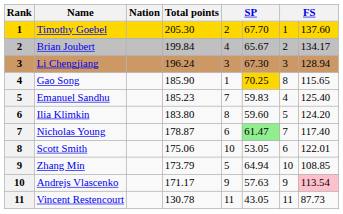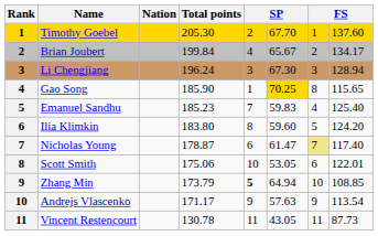 <table class="wikitable">
 <tr>
 <th>Rank</th>
 <th>Name</th>
 <th>Nation</th>
 <th>Total points</th>
 <th colspan="2" width="80px"><a href='#'>SP</a></th>
 <th colspan="2" width="80px"><a href='#'>FS</a></th>
 </tr>
 <tr bgcolor="gold">
 <td align="center"><strong>1</strong></td>
 <td><a href='#'>Timothy Goebel</a></td>
 <td></td>
 <td>205.30</td>
 <td>2</td>
 <td>67.70</td>
 <td>1</td>
 <td>137.60</td>
 </tr>
 <tr bgcolor="silver">
 <td align="center"><strong>2</strong></td>
 <td><a href='#'>Brian Joubert</a></td>
 <td></td>
 <td>199.84</td>
 <td>4</td>
 <td>65.67</td>
 <td>2</td>
 <td>134.17</td>
 </tr>
 <tr bgcolor="cc9966">
 <td align="center"><strong>3</strong></td>
 <td><a href='#'>Li Chengjiang</a></td>
 <td></td>
 <td>196.24</td>
 <td>3</td>
 <td>67.30</td>
 <td>3</td>
 <td>128.94</td>
 </tr>
 <tr>
 <th>4</th>
 <td><a href='#'>Gao Song</a></td>
 <td></td>
 <td>185.90</td>
 <td>1</td>
 <td style="background: gold;">70.25</td>
 <td>8</td>
 <td>115.65</td>
 </tr>
 <tr>
 <th>5</th>
 <td><a href='#'>Emanuel Sandhu</a></td>
 <td></td>
 <td>185.23</td>
 <td>7</td>
 <td>59.83</td>
 <td>4</td>
 <td>125.40</td>
 </tr>
 <tr>
 <th>6</th>
 <td><a href='#'>Ilia Klimkin</a></td>
 <td></td>
 <td>183.80</td>
 <td>8</td>
 <td>59.60</td>
 <td>5</td>
 <td>124.20</td>
 </tr>
 <tr>
 <th>7</th>
 <td><a href='#'>Nicholas Young</a></td>
 <td></td>
 <td>178.87</td>
 <td>6</td>
-<td style="background: lightgreen;">61.47</td>
-<td>7</td>
+<td>61.47</td>
+<td style="background: khaki;">7</td>
 <td>117.40</td>
 </tr>
 <tr>
 <th>8</th>
 <td><a href='#'>Scott Smith</a></td>
 <td></td>
 <td>175.06</td>
 <td>10</td>
 <td>53.05</td>
 <td>6</td>
 <td>122.01</td>
 </tr>
 <tr>
 <th>9</th>
 <td><a href='#'>Zhang Min</a></td>
 <td></td>
 <td>173.79</td>
-<td>5</td>
+<td><strong>5</strong></td>
 <td>64.94</td>
 <td>10</td>
 <td>108.85</td>
 </tr>
 <tr>
 <th>10</th>
 <td><a href='#'>Andrejs Vlascenko</a></td>
 <td></td>
 <td>171.17</td>
 <td>9</td>
 <td>57.63</td>
 <td>9</td>
-<td style="background: pink;">113.54</td>
+<td>113.54</td>
 </tr>
 <tr>
 <th>11</th>
 <td><a href='#'>Vincent Restencourt</a></td>
 <td></td>
 <td>130.78</td>
 <td>11</td>
 <td>43.05</td>
 <td>11</td>
 <td>87.73</td>
 </tr>
 </table>
